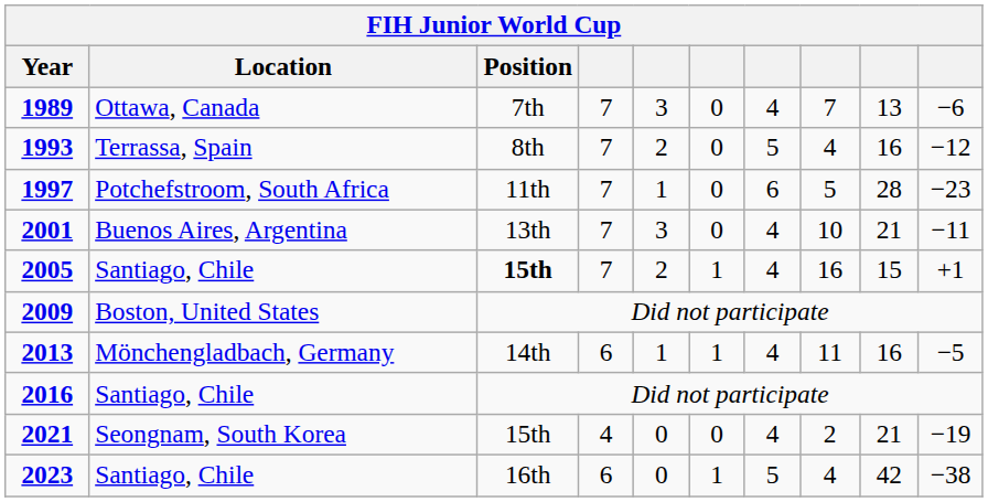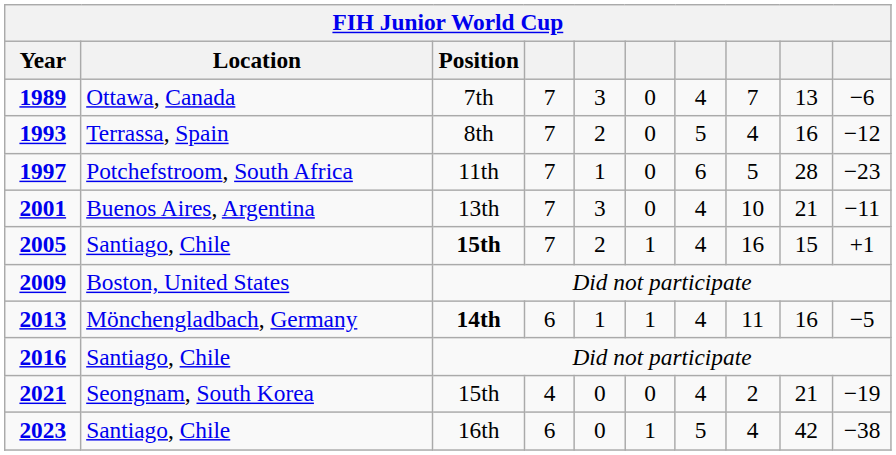 <table class="wikitable" style="text-align: center;">
 <tr>
 <th colspan=11><a href='#'>FIH Junior World Cup</a></th>
 </tr>
 <tr>
 <th style="width: 50px;">Year</th>
 <th style="width: 280px;">Location</th>
 <th style="width: 50px;">Position</th>
 <th style="width: 35px;"></th>
 <th style="width: 35px;"></th>
 <th style="width: 35px;"></th>
 <th style="width: 35px;"></th>
 <th style="width: 35px;"></th>
 <th style="width: 35px;"></th>
 <th style="width: 35px;"></th>
 </tr>
 <tr>
 <td><strong><a href='#'>1989</a></strong></td>
 <td style="text-align: left;"> <a href='#'>Ottawa</a>, <a href='#'>Canada</a></td>
 <td>7th</td>
 <td>7</td>
 <td>3</td>
 <td>0</td>
 <td>4</td>
 <td>7</td>
 <td>13</td>
 <td>−6</td>
 </tr>
 <tr>
 <td><strong><a href='#'>1993</a></strong></td>
 <td style="text-align: left;"> <a href='#'>Terrassa</a>, <a href='#'>Spain</a></td>
 <td>8th</td>
 <td>7</td>
 <td>2</td>
 <td>0</td>
 <td>5</td>
 <td>4</td>
 <td>16</td>
 <td>−12</td>
 </tr>
 <tr>
 <td><strong><a href='#'>1997</a></strong></td>
 <td style="text-align: left;"> <a href='#'>Potchefstroom</a>, <a href='#'>South Africa</a></td>
 <td>11th</td>
 <td>7</td>
 <td>1</td>
 <td>0</td>
 <td>6</td>
 <td>5</td>
 <td>28</td>
 <td>−23</td>
 </tr>
 <tr>
 <td><strong><a href='#'>2001</a></strong></td>
 <td style="text-align: left;"> <a href='#'>Buenos Aires</a>, <a href='#'>Argentina</a></td>
 <td>13th</td>
 <td>7</td>
 <td>3</td>
 <td>0</td>
 <td>4</td>
 <td>10</td>
 <td>21</td>
 <td>−11</td>
 </tr>
 <tr>
 <td><strong><a href='#'>2005</a></strong></td>
 <td style="text-align: left;"> <a href='#'>Santiago</a>, <a href='#'>Chile</a></td>
 <td><strong>15th</strong></td>
 <td>7</td>
 <td>2</td>
 <td>1</td>
 <td>4</td>
 <td>16</td>
 <td>15</td>
 <td>+1</td>
 </tr>
 <tr>
 <td><strong><a href='#'>2009</a></strong></td>
 <td style="text-align: left;"> <a href='#'>Boston, United States</a></td>
 <td colspan=9><em>Did not participate</em></td>
 </tr>
 <tr>
 <td><strong><a href='#'>2013</a></strong></td>
 <td style="text-align: left;"> <a href='#'>Mönchengladbach</a>, <a href='#'>Germany</a></td>
-<td>14th</td>
+<td><strong>14th</strong></td>
 <td>6</td>
 <td>1</td>
 <td>1</td>
 <td>4</td>
 <td>11</td>
 <td>16</td>
 <td>−5</td>
 </tr>
 <tr>
 <td><strong><a href='#'>2016</a></strong></td>
 <td style="text-align: left;"> <a href='#'>Santiago</a>, <a href='#'>Chile</a></td>
 <td colspan=9><em>Did not participate</em></td>
 </tr>
 <tr>
 <td><strong><a href='#'>2021</a></strong></td>
 <td style="text-align: left;"> <a href='#'>Seongnam</a>, <a href='#'>South Korea</a></td>
 <td>15th</td>
 <td>4</td>
 <td>0</td>
 <td>0</td>
 <td>4</td>
 <td>2</td>
 <td>21</td>
 <td>−19</td>
 </tr>
 <tr>
 <td><strong><a href='#'>2023</a></strong></td>
 <td style="text-align: left;"> <a href='#'>Santiago</a>, <a href='#'>Chile</a></td>
 <td>16th</td>
 <td>6</td>
 <td>0</td>
 <td>1</td>
 <td>5</td>
 <td>4</td>
 <td>42</td>
 <td>−38</td>
 </tr>
 </table>
